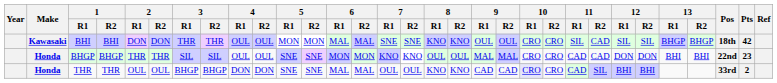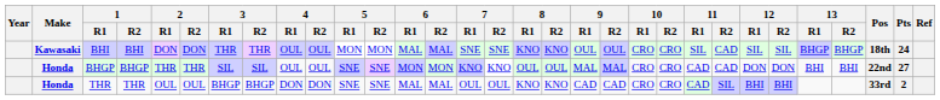 <table class="wikitable" style="text-align:center; font-size:85%;">
 <tr>
 <th rowspan="2">Year</th>
 <th rowspan="2">Make</th>
 <th colspan="2">1</th>
 <th colspan="2">2</th>
 <th colspan="2">3</th>
 <th colspan="2">4</th>
 <th colspan="2">5</th>
 <th colspan="2">6</th>
 <th colspan="2">7</th>
 <th colspan="2">8</th>
 <th colspan="2">9</th>
 <th colspan="2">10</th>
 <th colspan="2">11</th>
 <th colspan="2">12</th>
 <th colspan="2">13</th>
 <th rowspan="2">Pos</th>
 <th rowspan="2">Pts</th>
 <th rowspan="2">Ref</th>
 </tr>
 <tr>
 <th>R1</th>
 <th>R2</th>
 <th>R1</th>
 <th>R2</th>
 <th>R1</th>
 <th>R2</th>
 <th>R1</th>
 <th>R2</th>
 <th>R1</th>
 <th>R2</th>
 <th>R1</th>
 <th>R2</th>
 <th>R1</th>
 <th>R2</th>
 <th>R1</th>
 <th>R2</th>
 <th>R1</th>
 <th>R2</th>
 <th>R1</th>
 <th>R2</th>
 <th>R1</th>
 <th>R2</th>
 <th>R1</th>
 <th>R2</th>
 <th>R1</th>
 <th>R2</th>
 </tr>
 <tr>
 <th></th>
 <th><a href='#'>Kawasaki</a></th>
 <td style="background:#CFCFFF;"><a href='#'>BHI</a><br></td>
 <td style="background:#CFCFFF;"><a href='#'>BHI</a><br></td>
 <td style="background:#EFCFFF;"><a href='#'>DON</a><br></td>
 <td style="background:#CFCFFF;"><a href='#'>DON</a><br></td>
 <td style="background:#CFCFFF;"><a href='#'>THR</a><br></td>
 <td style="background:#EFCFFF;"><a href='#'>THR</a><br></td>
 <td style="background:#CFCFFF;"><a href='#'>OUL</a><br></td>
 <td style="background:#CFCFFF;"><a href='#'>OUL</a><br></td>
 <td style="background:#FFFFFF;"><a href='#'>MON</a><br></td>
 <td style="background:#FFFFFF;"><a href='#'>MON</a><br></td>
 <td style="background:#DFFFDF;"><a href='#'>MAL</a><br></td>
 <td style="background:#CFCFFF;"><a href='#'>MAL</a><br></td>
 <td style="background:#DFFFDF;"><a href='#'>SNE</a><br></td>
 <td style="background:#DFFFDF;"><a href='#'>SNE</a><br></td>
 <td style="background:#CFCFFF;"><a href='#'>KNO</a><br></td>
 <td style="background:#CFCFFF;"><a href='#'>KNO</a><br></td>
 <td style="background:#DFFFDF;"><a href='#'>OUL</a><br></td>
 <td style="background:#CFCFFF;"><a href='#'>OUL</a><br></td>
 <td style="background:#DFFFDF;"><a href='#'>CRO</a><br></td>
 <td style="background:#DFFFDF;"><a href='#'>CRO</a><br></td>
 <td style="background:#DFFFDF;"><a href='#'>SIL</a><br></td>
 <td style="background:#dfffdf;"><a href='#'>CAD</a><br></td>
 <td style="background:#dfffdf;"><a href='#'>SIL</a><br></td>
 <td style="background:#dfffdf;"><a href='#'>SIL</a><br></td>
 <td style="background:#CFCFFF;"><a href='#'>BHGP</a><br></td>
 <td style="background:#dfffdf;"><a href='#'>BHGP</a><br></td>
 <th>18th</th>
-<th>42</th>
+<th>24</th>
 <th></th>
 </tr>
 <tr>
 <th></th>
 <th><a href='#'>Honda</a></th>
 <td style="background:#DFFFDF;"><a href='#'>BHGP</a><br></td>
 <td style="background:#DFFFDF;"><a href='#'>BHGP</a><br></td>
 <td style="background:#DFFFDF;"><a href='#'>THR</a><br></td>
 <td style="background:#DFFFDF;"><a href='#'>THR</a><br></td>
 <td style="background:#CFCFFF;"><a href='#'>SIL</a><br></td>
 <td style="background:#CFCFFF;"><a href='#'>SIL</a><br></td>
 <td><a href='#'>OUL</a></td>
 <td><a href='#'>OUL</a></td>
 <td style="background:#CFCFFF;"><a href='#'>SNE</a><br></td>
 <td style="background:#EFCFFF;"><a href='#'>SNE</a><br></td>
 <td style="background:#CFCFFF;"><a href='#'>MON</a><br></td>
 <td style="background:#DFFFDF;"><a href='#'>MON</a><br></td>
 <td style="background:#CFCFFF;"><a href='#'>KNO</a><br></td>
 <td style="background:#FFFFFF;"><a href='#'>KNO</a><br></td>
 <td style="background:#DFFFDF;"><a href='#'>OUL</a><br></td>
 <td style="background:#DFFFDF;"><a href='#'>OUL</a><br></td>
 <td style="background:#DFFFDF;"><a href='#'>MAL</a><br></td>
 <td style="background:#CFCFFF;"><a href='#'>MAL</a><br></td>
 <td><a href='#'>CRO</a></td>
 <td><a href='#'>CRO</a></td>
 <td><a href='#'>CAD</a></td>
 <td><a href='#'>CAD</a></td>
 <td><a href='#'>DON</a></td>
 <td><a href='#'>DON</a></td>
 <td><a href='#'>BHI</a></td>
 <td><a href='#'>BHI</a></td>
 <th>22nd</th>
-<th>23</th>
+<th>27</th>
 <th></th>
 </tr>
 <tr>
 <th></th>
 <th><a href='#'>Honda</a></th>
 <td><a href='#'>THR</a></td>
 <td><a href='#'>THR</a></td>
 <td><a href='#'>OUL</a></td>
 <td><a href='#'>OUL</a></td>
 <td><a href='#'>BHGP</a></td>
 <td><a href='#'>BHGP</a></td>
 <td><a href='#'>DON</a></td>
 <td><a href='#'>DON</a></td>
 <td><a href='#'>SNE</a></td>
 <td><a href='#'>SNE</a></td>
 <td><a href='#'>MAL</a></td>
 <td><a href='#'>MAL</a></td>
 <td><a href='#'>OUL</a></td>
 <td><a href='#'>OUL</a></td>
 <td><a href='#'>KNO</a></td>
 <td><a href='#'>KNO</a></td>
 <td><a href='#'>CAD</a></td>
 <td><a href='#'>CAD</a></td>
-<td style="background: lavender;"><a href='#'>CRO</a></td>
+<td><a href='#'>CRO</a></td>
 <td><a href='#'>CRO</a></td>
 <td style="background:#dfffdf;"><a href='#'>CAD</a><br></td>
 <td style="background:#CFCFFF;"><a href='#'>SIL</a><br></td>
 <td style="background:#CFCFFF;"><a href='#'>BHI</a><br></td>
 <td style="background:#CFCFFF;"><a href='#'>BHI</a><br></td>
 <td></td>
 <td></td>
 <th>33rd</th>
 <th>2</th>
 <th></th>
 </tr>
 </table>
